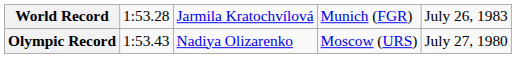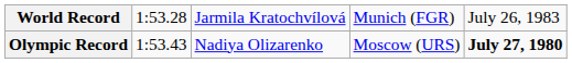 <table class="wikitable">
 <tr>
 <th>World Record</th>
 <td>1:53.28</td>
 <td> <a href='#'>Jarmila Kratochvílová</a></td>
 <td><a href='#'>Munich</a> (<a href='#'>FGR</a>)</td>
 <td>July 26, 1983</td>
 </tr>
 <tr>
 <th>Olympic Record</th>
 <td>1:53.43</td>
 <td> <a href='#'>Nadiya Olizarenko</a></td>
 <td><a href='#'>Moscow</a> (<a href='#'>URS</a>)</td>
-<td>July 27, 1980</td>
+<td><strong>July 27, 1980</strong></td>
 </tr>
 </table>
